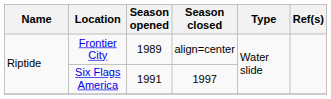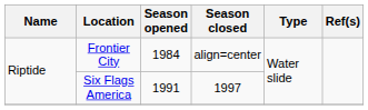 <table class="wikitable" border="1" width=75%>
 <tr>
 <th width=20%>Name</th>
 <th width=18%>Location</th>
 <th width=14%>Season opened</th>
 <th width=14%>Season closed</th>
 <th>Type</th>
 <th width=5% class="unsortable">Ref(s)</th>
 </tr>
 <tr>
 <td rowspan=2>Riptide</td>
 <td align=center><a href='#'>Frontier City</a></td>
-<td align=center>1989</td>
+<td align=center>1984</td>
 <td>align=center </td>
 <td rowspan=2>Water slide</td>
 <td rowspan=2></td>
 </tr>
 <tr>
 <td align=center><a href='#'>Six Flags America</a></td>
 <td align=center>1991</td>
 <td align=center>1997</td>
 </tr>
 <tr>
 </tr>
 </table>
